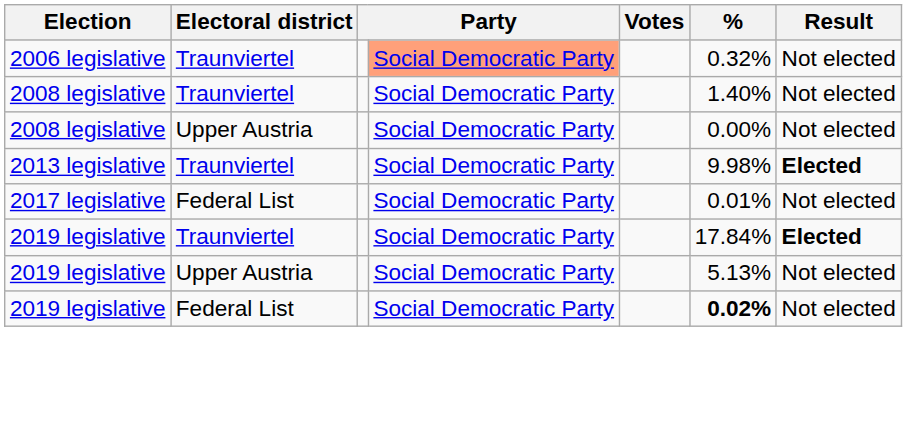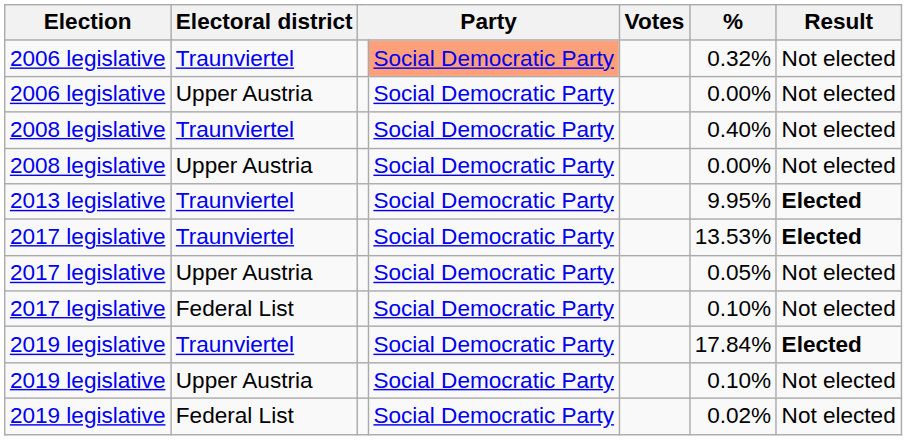 <table class="wikitable" style="text-align:left;">
 <tr>
 <th scope=col>Election</th>
 <th scope=col>Electoral district</th>
 <th scope=col colspan="2">Party</th>
 <th scope=col>Votes</th>
 <th scope=col>%</th>
 <th scope=col>Result</th>
 </tr>
 <tr>
 <td><a href='#'>2006 legislative</a></td>
 <td><a href='#'>Traunviertel</a></td>
 <td style="background:"></td>
 <td style="background: lightsalmon;"><a href='#'>Social Democratic Party</a></td>
 <td align=right></td>
 <td align=right>0.32%</td>
 <td>Not elected</td>
 </tr>
 <tr>
+<td><a href='#'>2006 legislative</a></td>
+<td>Upper Austria</td>
+<td style="background:"></td>
+<td><a href='#'>Social Democratic Party</a></td>
+<td align=right></td>
+<td align=right>0.00%</td>
+<td>Not elected</td>
+</tr>
+<tr>
 <td><a href='#'>2008 legislative</a></td>
 <td><a href='#'>Traunviertel</a></td>
 <td style="background:"></td>
 <td><a href='#'>Social Democratic Party</a></td>
 <td align=right></td>
-<td align=right>1.40%</td>
+<td align=right>0.40%</td>
 <td>Not elected</td>
 </tr>
 <tr>
 <td><a href='#'>2008 legislative</a></td>
 <td>Upper Austria</td>
 <td style="background:"></td>
 <td><a href='#'>Social Democratic Party</a></td>
 <td align=right></td>
 <td align=right>0.00%</td>
 <td>Not elected</td>
 </tr>
 <tr>
 <td><a href='#'>2013 legislative</a></td>
 <td><a href='#'>Traunviertel</a></td>
 <td style="background:"></td>
 <td><a href='#'>Social Democratic Party</a></td>
 <td align=right></td>
-<td align=right>9.98%</td>
+<td align=right>9.95%</td>
 <td><strong>Elected</strong></td>
+</tr>
+<tr>
+<td><a href='#'>2017 legislative</a></td>
+<td><a href='#'>Traunviertel</a></td>
+<td style="background:"></td>
+<td><a href='#'>Social Democratic Party</a></td>
+<td align=right></td>
+<td align=right>13.53%</td>
+<td><strong>Elected</strong></td>
+</tr>
+<tr>
+<td><a href='#'>2017 legislative</a></td>
+<td>Upper Austria</td>
+<td style="background:"></td>
+<td><a href='#'>Social Democratic Party</a></td>
+<td align=right></td>
+<td align=right>0.05%</td>
+<td>Not elected</td>
 </tr>
 <tr>
 <td><a href='#'>2017 legislative</a></td>
 <td>Federal List</td>
 <td style="background:"></td>
 <td><a href='#'>Social Democratic Party</a></td>
 <td align=right></td>
-<td align=right>0.01%</td>
+<td align=right>0.10%</td>
 <td>Not elected</td>
 </tr>
 <tr>
 <td><a href='#'>2019 legislative</a></td>
 <td><a href='#'>Traunviertel</a></td>
 <td style="background:"></td>
 <td><a href='#'>Social Democratic Party</a></td>
 <td align=right></td>
 <td align=right>17.84%</td>
 <td><strong>Elected</strong></td>
 </tr>
 <tr>
 <td><a href='#'>2019 legislative</a></td>
 <td>Upper Austria</td>
 <td style="background:"></td>
 <td><a href='#'>Social Democratic Party</a></td>
 <td align=right></td>
-<td align=right>5.13%</td>
+<td align=right>0.10%</td>
 <td>Not elected</td>
 </tr>
 <tr>
 <td><a href='#'>2019 legislative</a></td>
 <td>Federal List</td>
 <td style="background:"></td>
 <td><a href='#'>Social Democratic Party</a></td>
 <td align=right></td>
-<td align=right><strong>0.02%</strong></td>
+<td align=right>0.02%</td>
 <td>Not elected</td>
 </tr>
 </table>
